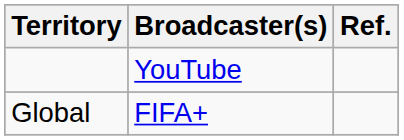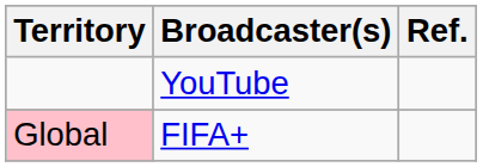 <table class="wikitable sortable">
 <tr>
 <th>Territory</th>
 <th>Broadcaster(s)</th>
 <th>Ref.</th>
 </tr>
 <tr>
 <td rowspan="2"></td>
 <td><a href='#'>YouTube</a></td>
 <td><sup></sup></td>
 </tr>
 <tr>
 <td rowspan="2"><a href='#'>FIFA+</a></td>
 <td rowspan="2"></td>
 </tr>
 <tr>
-<td> Global</td>
+<td style="background: pink;"> Global</td>
 </tr>
 </table>
